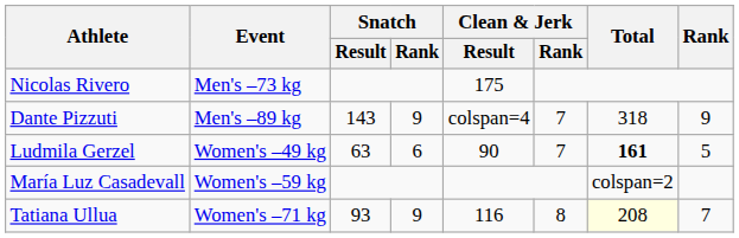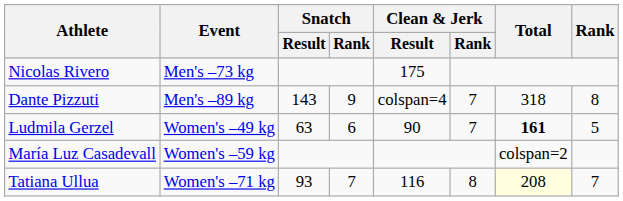 <table class="wikitable" style="font-size:90%">
 <tr>
 <th rowspan=2>Athlete</th>
 <th rowspan=2>Event</th>
 <th colspan="2">Snatch</th>
 <th colspan="2">Clean & Jerk</th>
 <th rowspan="2">Total</th>
 <th rowspan="2">Rank</th>
 </tr>
 <tr style="font-size:95%">
 <th>Result</th>
 <th>Rank</th>
 <th>Result</th>
 <th>Rank</th>
 </tr>
 <tr align=center>
 <td align=left><a href='#'>Nicolas Rivero</a></td>
 <td align=left><a href='#'>Men's –73 kg</a></td>
 <td colspan=2><s></s></td>
 <td>175</td>
 </tr>
 <tr align=center>
 <td align=left><a href='#'>Dante Pizzuti</a></td>
 <td align=left><a href='#'>Men's –89 kg</a></td>
 <td>143</td>
 <td>9</td>
 <td>colspan=4 </td>
 <td>7</td>
 <td>318</td>
-<td>9</td>
+<td>8</td>
 </tr>
 <tr align=center>
 <td align=left><a href='#'>Ludmila Gerzel</a></td>
 <td align=left><a href='#'>Women's –49 kg</a></td>
 <td>63</td>
 <td>6</td>
 <td>90</td>
 <td>7</td>
 <td><strong>161</strong></td>
 <td>5</td>
 </tr>
 <tr align=center>
 <td align=left><a href='#'>María Luz Casadevall</a></td>
 <td align=left><a href='#'>Women's –59 kg</a></td>
 <td colspan=2><s></s></td>
 <td colspan=2><s></s></td>
 <td>colspan=2 </td>
 </tr>
 <tr align=center>
 <td align=left><a href='#'>Tatiana Ullua</a></td>
 <td align=left><a href='#'>Women's –71 kg</a></td>
 <td>93</td>
-<td>9</td>
+<td>7</td>
 <td>116</td>
 <td>8</td>
 <td style="background: lightyellow;">208</td>
 <td>7</td>
 </tr>
 </table>
